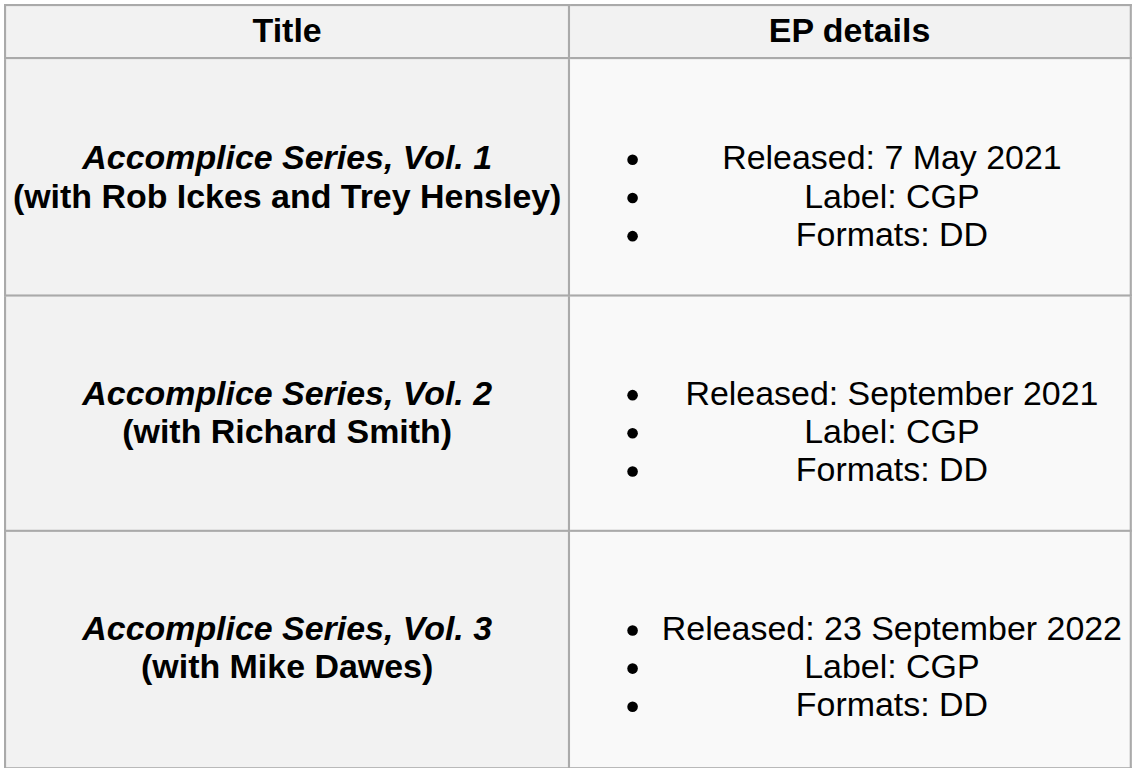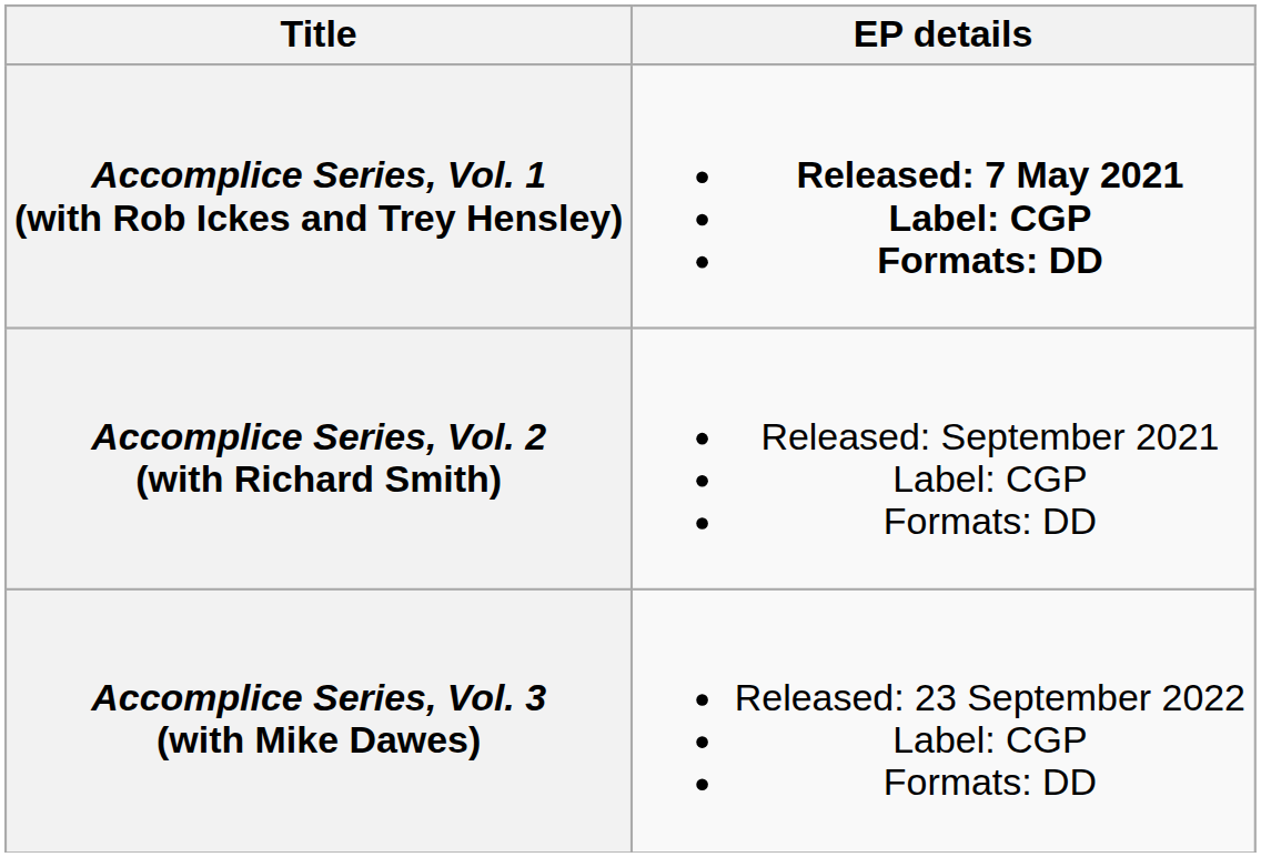 <table class="wikitable plainrowheaders" style="text-align:center;" border="1">
 <tr>
 <th scope="col">Title</th>
 <th scope="col">EP details</th>
 </tr>
 <tr>
 <th scope="row"><em>Accomplice Series, Vol. 1</em> <br>(with Rob Ickes and Trey Hensley)</th>
-<td><br><ul><li>Released: 7 May 2021</li><li>Label: CGP</li><li>Formats: DD</li></ul></td>
+<td><strong><br><ul><li>Released: 7 May 2021</li><li>Label: CGP</li><li>Formats: DD</li></ul></strong></td>
 </tr>
 <tr>
 <th scope="row"><em>Accomplice Series, Vol. 2</em> <br>(with Richard Smith)</th>
 <td><br><ul><li>Released: September 2021</li><li>Label: CGP</li><li>Formats: DD</li></ul></td>
 </tr>
 <tr>
 <th scope="row"><em>Accomplice Series, Vol. 3</em> <br>(with Mike Dawes)</th>
 <td><br><ul><li>Released: 23 September 2022</li><li>Label: CGP</li><li>Formats: DD</li></ul></td>
 </tr>
 </table>
